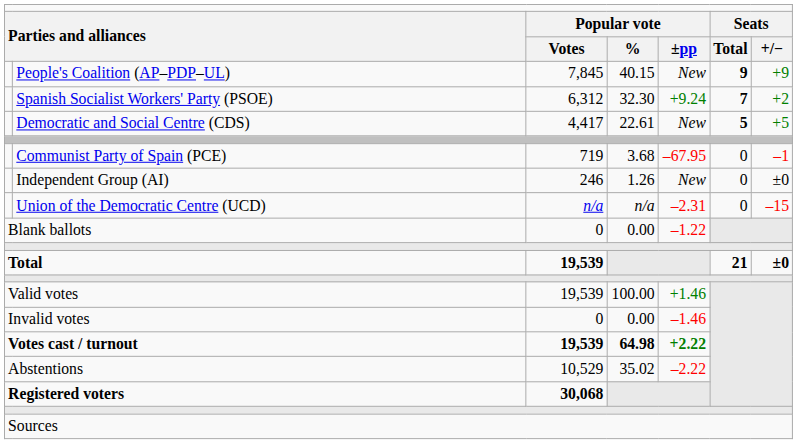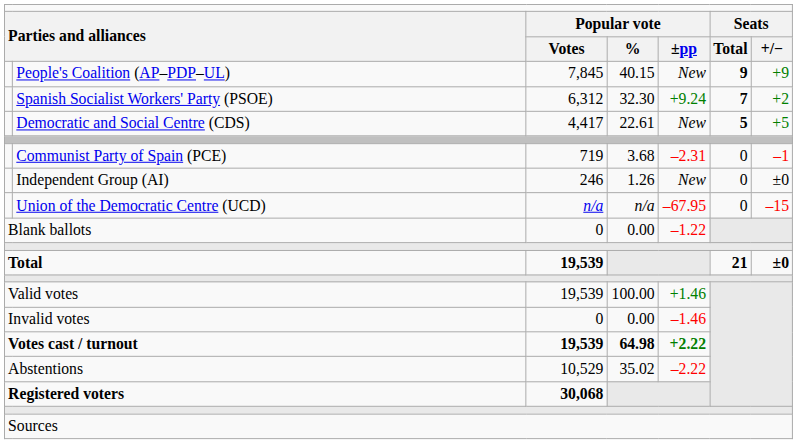 <table class="wikitable" style="text-align:right;">
 <tr>
 <td colspan="7"></td>
 </tr>
 <tr>
 <th style="text-align:left;" rowspan="2" colspan="2" width="525">Parties and alliances</th>
 <th colspan="3">Popular vote</th>
 <th colspan="2">Seats</th>
 </tr>
 <tr>
 <th width="75">Votes</th>
 <th width="45">%</th>
 <th width="45">±<a href='#'>pp</a></th>
 <th width="35">Total</th>
 <th width="35">+/−</th>
 </tr>
 <tr>
 <td width="1" style="color:inherit;background:"></td>
 <td align="left"><a href='#'>People's Coalition</a> (<a href='#'>AP</a>–<a href='#'>PDP</a>–<a href='#'>UL</a>)</td>
 <td>7,845</td>
 <td>40.15</td>
 <td><em>New</em></td>
 <td><strong>9</strong></td>
 <td style="color:green;">+9</td>
 </tr>
 <tr>
 <td style="color:inherit;background:"></td>
 <td align="left"><a href='#'>Spanish Socialist Workers' Party</a> (PSOE)</td>
 <td>6,312</td>
 <td>32.30</td>
 <td style="color:green;">+9.24</td>
 <td><strong>7</strong></td>
 <td style="color:green;">+2</td>
 </tr>
 <tr>
 <td style="color:inherit;background:"></td>
 <td align="left"><a href='#'>Democratic and Social Centre</a> (CDS)</td>
 <td>4,417</td>
 <td>22.61</td>
 <td><em>New</em></td>
 <td><strong>5</strong></td>
 <td style="color:green;">+5</td>
 </tr>
 <tr>
 <td colspan="7" bgcolor="#C0C0C0"></td>
 </tr>
 <tr>
 <td style="color:inherit;background:"></td>
 <td align="left"><a href='#'>Communist Party of Spain</a> (PCE)</td>
 <td>719</td>
 <td>3.68</td>
-<td style="color:red;">–67.95</td>
+<td style="color:red;">–2.31</td>
 <td>0</td>
 <td style="color:red;">–1</td>
 </tr>
 <tr>
 <td style="color:inherit;background:"></td>
 <td align="left">Independent Group (AI)</td>
 <td>246</td>
 <td>1.26</td>
 <td><em>New</em></td>
 <td>0</td>
 <td>±0</td>
 </tr>
 <tr>
 <td style="color:inherit;background:"></td>
 <td align="left"><a href='#'>Union of the Democratic Centre</a> (UCD)</td>
 <td><em><a href='#'>n/a</a></em></td>
 <td><em>n/a</em></td>
-<td style="color:red;">–2.31</td>
+<td style="color:red;">–67.95</td>
 <td>0</td>
 <td style="color:red;">–15</td>
 </tr>
 <tr>
 <td align="left" colspan="2">Blank ballots</td>
 <td>0</td>
 <td>0.00</td>
 <td style="color:red;">–1.22</td>
 <td bgcolor="#E9E9E9" colspan="2"></td>
 </tr>
 <tr>
 <td colspan="7" bgcolor="#E9E9E9"></td>
 </tr>
 <tr style="font-weight:bold;">
 <td align="left" colspan="2">Total</td>
 <td>19,539</td>
 <td bgcolor="#E9E9E9" colspan="2"></td>
 <td>21</td>
 <td>±0</td>
 </tr>
 <tr>
 <td colspan="7" bgcolor="#E9E9E9"></td>
 </tr>
 <tr>
 <td align="left" colspan="2">Valid votes</td>
 <td>19,539</td>
 <td>100.00</td>
 <td style="color:green;">+1.46</td>
 <td bgcolor="#E9E9E9" colspan="2" rowspan="5"></td>
 </tr>
 <tr>
 <td align="left" colspan="2">Invalid votes</td>
 <td>0</td>
 <td>0.00</td>
 <td style="color:red;">–1.46</td>
 </tr>
 <tr style="font-weight:bold;">
 <td align="left" colspan="2">Votes cast / turnout</td>
 <td>19,539</td>
 <td>64.98</td>
 <td style="color:green;">+2.22</td>
 </tr>
 <tr>
 <td align="left" colspan="2">Abstentions</td>
 <td>10,529</td>
 <td>35.02</td>
 <td style="color:red;">–2.22</td>
 </tr>
 <tr style="font-weight:bold;">
 <td align="left" colspan="2">Registered voters</td>
 <td>30,068</td>
 <td bgcolor="#E9E9E9" colspan="2"></td>
 </tr>
 <tr>
 <td colspan="7" bgcolor="#E9E9E9"></td>
 </tr>
 <tr>
 <td align="left" colspan="7">Sources</td>
 </tr>
 </table>
